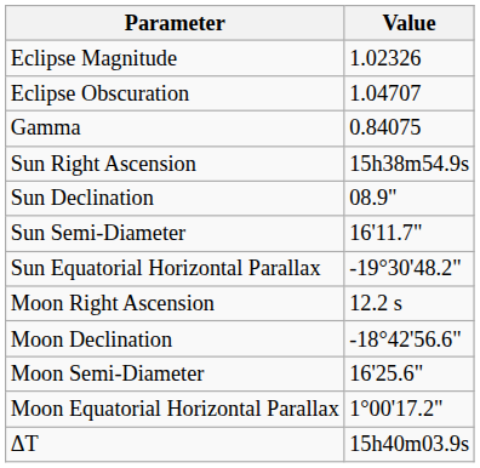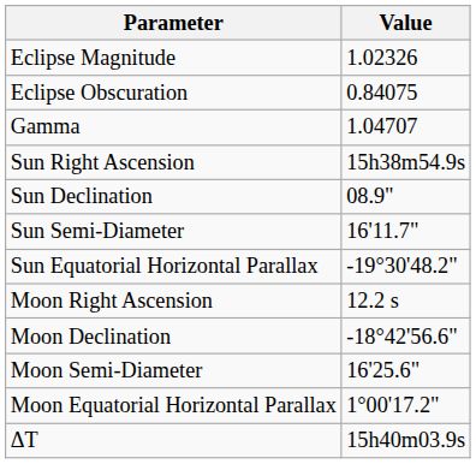 <table class="wikitable">
 <tr>
 <th>Parameter</th>
 <th>Value</th>
 </tr>
 <tr>
 <td>Eclipse Magnitude</td>
 <td>1.02326</td>
 </tr>
 <tr>
 <td>Eclipse Obscuration</td>
-<td>1.04707</td>
+<td>0.84075</td>
 </tr>
 <tr>
 <td>Gamma</td>
-<td>0.84075</td>
+<td>1.04707</td>
 </tr>
 <tr>
 <td>Sun Right Ascension</td>
 <td>15h38m54.9s</td>
 </tr>
 <tr>
 <td>Sun Declination</td>
 <td>08.9"</td>
 </tr>
 <tr>
 <td>Sun Semi-Diameter</td>
 <td>16'11.7"</td>
 </tr>
 <tr>
 <td>Sun Equatorial Horizontal Parallax</td>
 <td>-19°30'48.2"</td>
 </tr>
 <tr>
 <td>Moon Right Ascension</td>
 <td>12.2 s</td>
 </tr>
 <tr>
 <td>Moon Declination</td>
 <td>-18°42'56.6"</td>
 </tr>
 <tr>
 <td>Moon Semi-Diameter</td>
 <td>16'25.6"</td>
 </tr>
 <tr>
 <td>Moon Equatorial Horizontal Parallax</td>
 <td>1°00'17.2"</td>
 </tr>
 <tr>
 <td>ΔT</td>
 <td>15h40m03.9s</td>
 </tr>
 </table>
